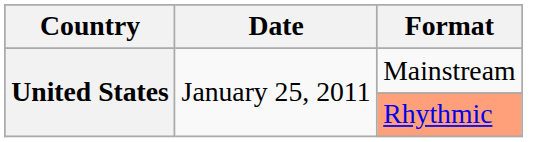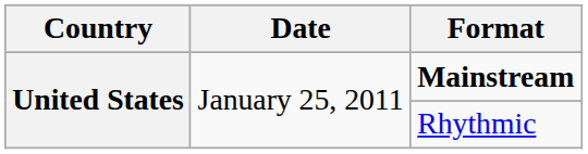 <table class="wikitable plainrowheaders">
 <tr>
 <th scope="col">Country</th>
 <th scope="col">Date</th>
 <th scope="col">Format</th>
 </tr>
 <tr>
 <th scope="row" rowspan="2">United States</th>
 <td rowspan="2">January 25, 2011</td>
-<td>Mainstream</td>
+<td><strong>Mainstream</strong></td>
 </tr>
 <tr>
-<td style="background: lightsalmon;"><a href='#'>Rhythmic</a></td>
+<td><a href='#'>Rhythmic</a></td>
 </tr>
 </table>
